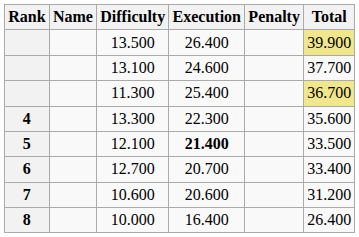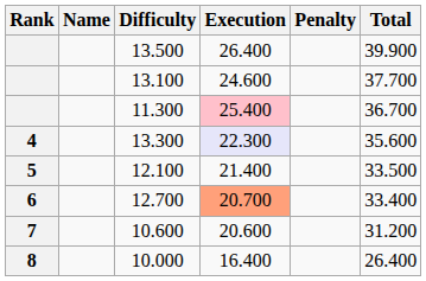 <table class="wikitable sortable" style="text-align:center">
 <tr>
 <th>Rank</th>
 <th>Name</th>
 <th>Difficulty</th>
 <th>Execution</th>
 <th>Penalty</th>
 <th>Total</th>
 </tr>
 <tr>
 <th></th>
 <td align=left></td>
 <td>13.500</td>
 <td>26.400</td>
 <td></td>
-<td style="background: khaki;">39.900</td>
+<td>39.900</td>
 </tr>
 <tr>
 <th></th>
 <td align=left></td>
 <td>13.100</td>
 <td>24.600</td>
 <td></td>
 <td>37.700</td>
 </tr>
 <tr>
 <th></th>
 <td align=left></td>
 <td>11.300</td>
-<td>25.400</td>
+<td style="background: pink;">25.400</td>
 <td></td>
-<td style="background: khaki;">36.700</td>
+<td>36.700</td>
 </tr>
 <tr>
 <th>4</th>
 <td align=left></td>
 <td>13.300</td>
-<td>22.300</td>
+<td style="background: lavender;">22.300</td>
 <td></td>
 <td>35.600</td>
 </tr>
 <tr>
 <th>5</th>
 <td align=left></td>
 <td>12.100</td>
-<td><strong>21.400</strong></td>
+<td>21.400</td>
 <td></td>
 <td>33.500</td>
 </tr>
 <tr>
 <th>6</th>
 <td align=left></td>
 <td>12.700</td>
-<td>20.700</td>
+<td style="background: lightsalmon;">20.700</td>
 <td></td>
 <td>33.400</td>
 </tr>
 <tr>
 <th>7</th>
 <td align=left></td>
 <td>10.600</td>
 <td>20.600</td>
 <td></td>
 <td>31.200</td>
 </tr>
 <tr>
 <th>8</th>
 <td align=left></td>
 <td>10.000</td>
 <td>16.400</td>
 <td></td>
 <td>26.400</td>
 </tr>
 <tr>
 </tr>
 </table>
